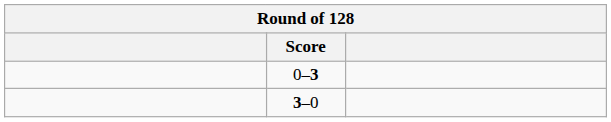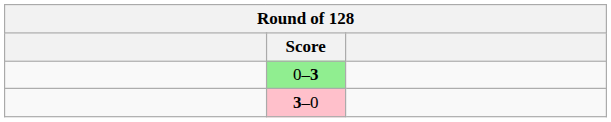 <table class="wikitable" style="text-align: center; font-size:90% ">
 <tr>
 <th colspan=4>Round of 128</th>
 </tr>
 <tr>
 <th width=215></th>
 <th width=60>Score</th>
 <th width=215></th>
 </tr>
 <tr>
 <td align=left></td>
-<td>0–<strong>3</strong></td>
+<td style="background: lightgreen;">0–<strong>3</strong></td>
 <td align=left><strong></strong></td>
 </tr>
 <tr>
 <td align=left><strong></strong></td>
-<td><strong>3</strong>–0</td>
+<td style="background: pink;"><strong>3</strong>–0</td>
 <td align=left></td>
 </tr>
 </table>
